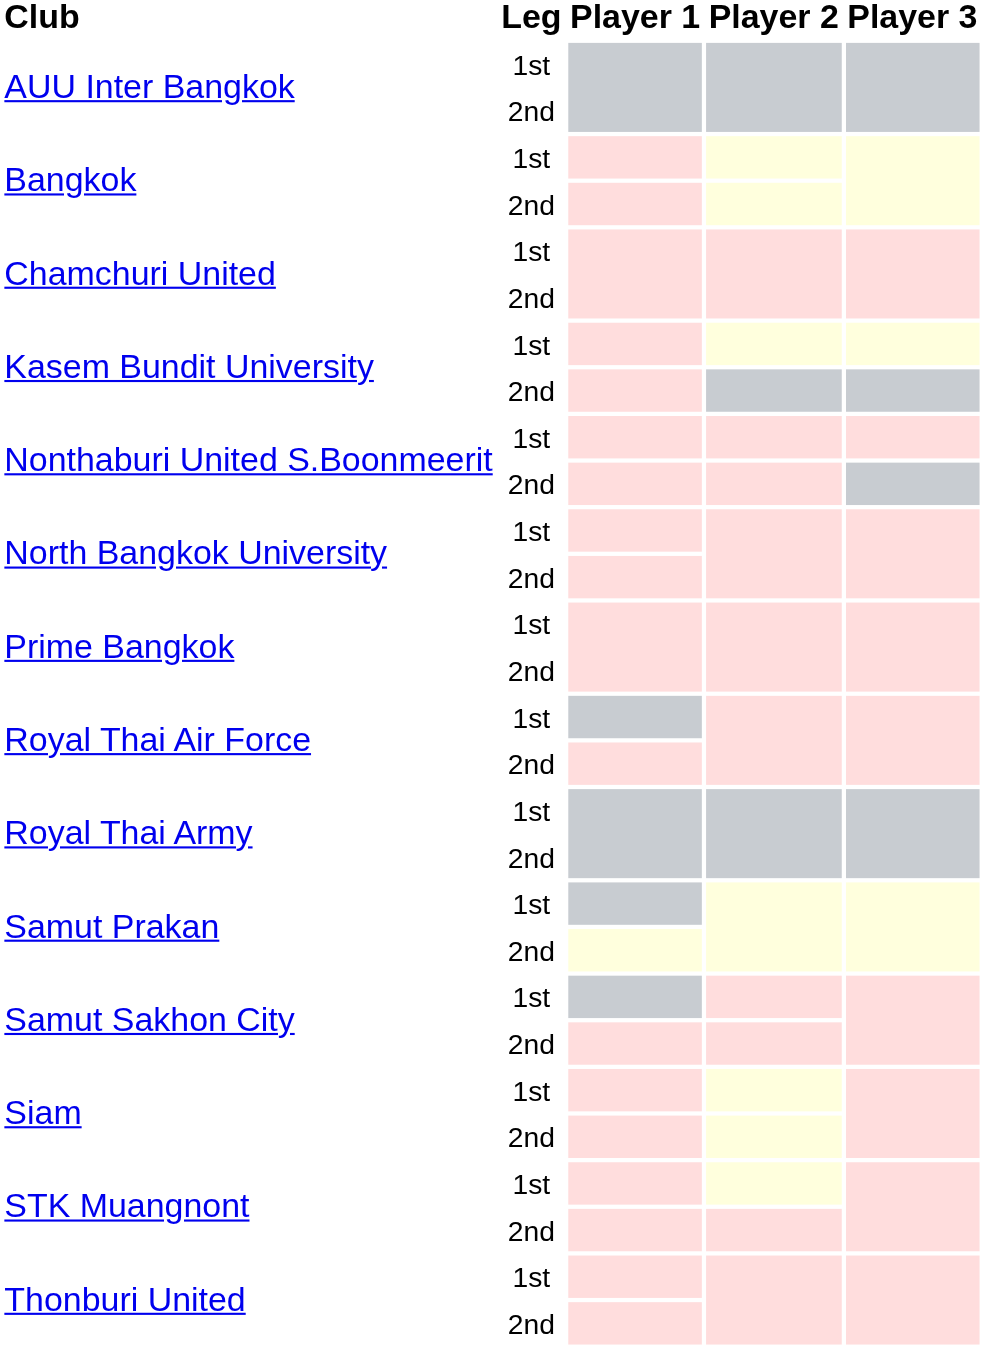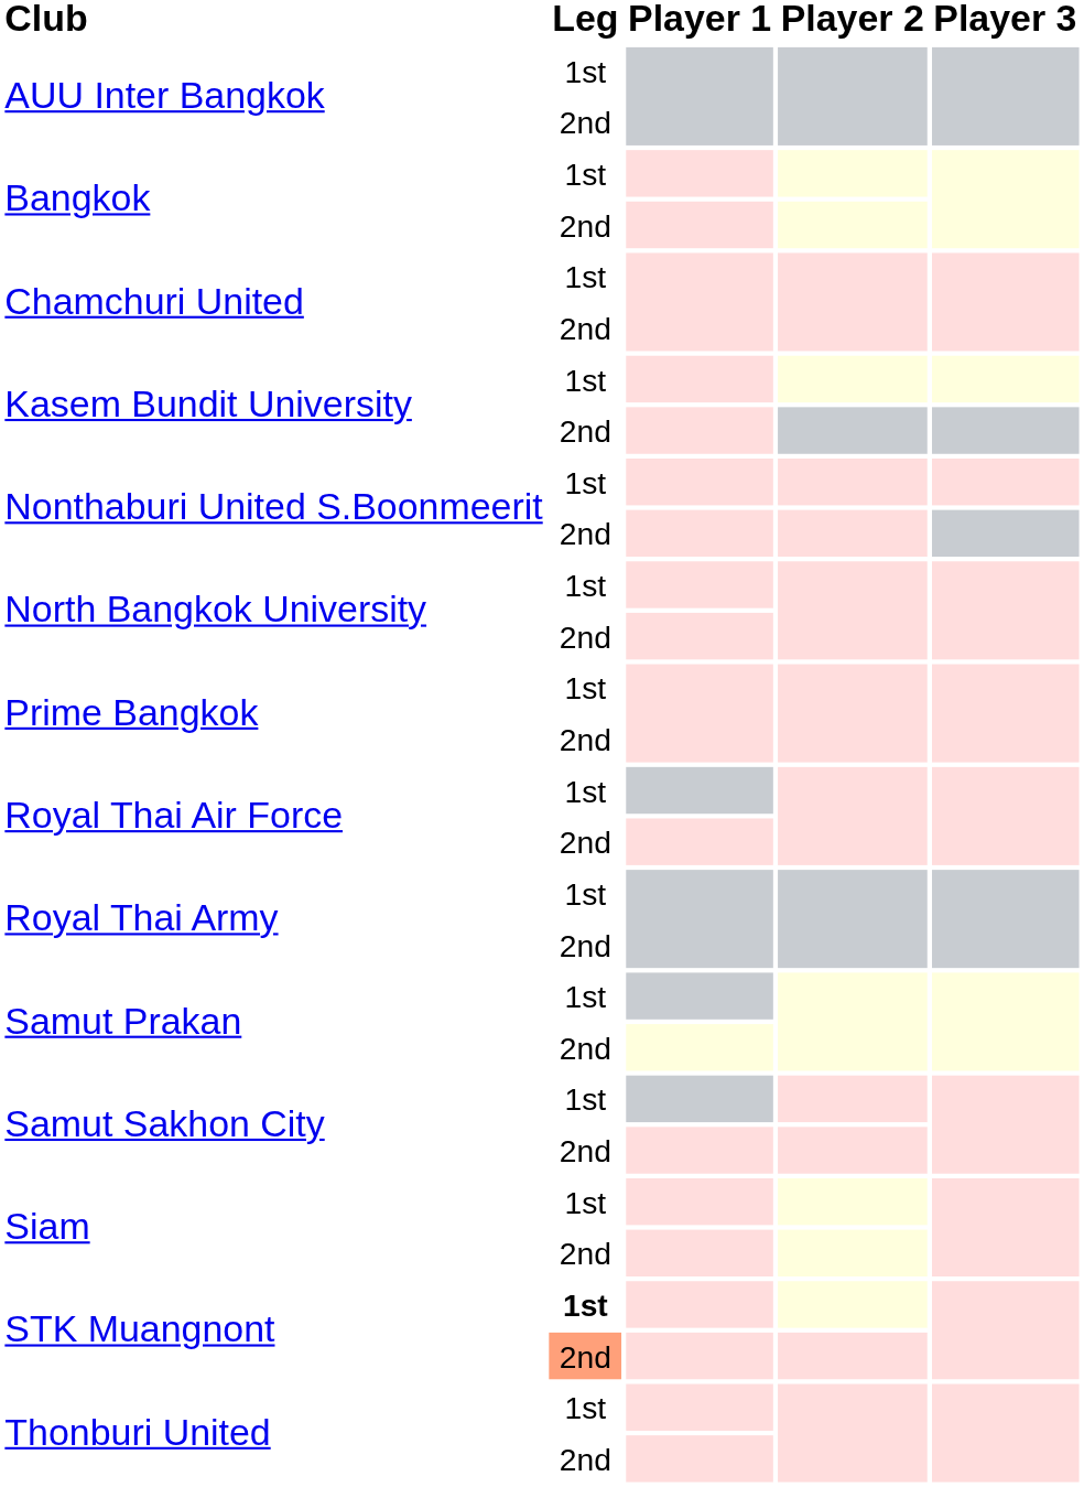 <table class="sortable" style="text-align:left">
 <tr>
 <th>Club</th>
 <th>Leg</th>
 <th>Player 1</th>
 <th>Player 2</th>
 <th>Player 3</th>
 </tr>
 <tr>
 <td rowspan="2"><a href='#'>AUU Inter Bangkok</a></td>
 <td align="center"><small>1st</small></td>
 <td bgcolor="#c8ccd1"rowspan="2"></td>
 <td bgcolor="#c8ccd1"rowspan="2"></td>
 <td bgcolor="#c8ccd1"rowspan="2"></td>
 </tr>
 <tr>
 <td align="center"><small>2nd</small></td>
 </tr>
 <tr>
 <td rowspan="2"><a href='#'>Bangkok</a></td>
 <td align="center"><small>1st</small></td>
 <td bgcolor="#ffdddd"></td>
 <td bgcolor="#ffffdd"></td>
 <td bgcolor="#ffffdd"rowspan="2"></td>
 </tr>
 <tr>
 <td align="center"><small>2nd</small></td>
 <td bgcolor="#ffdddd"></td>
 <td bgcolor="#ffffdd"></td>
 </tr>
 <tr>
 <td rowspan="2"><a href='#'>Chamchuri United</a></td>
 <td align="center"><small>1st</small></td>
 <td bgcolor="#ffdddd"rowspan="2"></td>
 <td bgcolor="#ffdddd"rowspan="2"></td>
 <td bgcolor="#ffdddd"rowspan="2"></td>
 </tr>
 <tr>
 <td align="center"><small>2nd</small></td>
 </tr>
 <tr>
 <td rowspan="2"><a href='#'>Kasem Bundit University</a></td>
 <td align="center"><small>1st</small></td>
 <td bgcolor="#ffdddd"></td>
 <td bgcolor="#ffffdd"></td>
 <td bgcolor="#ffffdd"></td>
 </tr>
 <tr>
 <td align="center"><small>2nd</small></td>
 <td bgcolor="#ffdddd"></td>
 <td bgcolor="#c8ccd1"></td>
 <td bgcolor="#c8ccd1"></td>
 </tr>
 <tr>
 <td rowspan="2"><a href='#'>Nonthaburi United S.Boonmeerit</a></td>
 <td align="center"><small>1st</small></td>
 <td bgcolor="#ffdddd"></td>
 <td bgcolor="#ffdddd"></td>
 <td bgcolor="#ffdddd"></td>
 </tr>
 <tr>
 <td align="center"><small>2nd</small></td>
 <td bgcolor="#ffdddd"></td>
 <td bgcolor="#ffdddd"></td>
 <td bgcolor="#c8ccd1"></td>
 </tr>
 <tr>
 <td rowspan="2"><a href='#'>North Bangkok University</a></td>
 <td align="center"><small>1st</small></td>
 <td bgcolor="#ffdddd"></td>
 <td bgcolor="#ffdddd"rowspan="2"></td>
 <td bgcolor="#ffdddd"rowspan="2"></td>
 </tr>
 <tr>
 <td align="center"><small>2nd</small></td>
 <td bgcolor="#ffdddd"></td>
 </tr>
 <tr>
 <td rowspan="2"><a href='#'>Prime Bangkok</a></td>
 <td align="center"><small>1st</small></td>
 <td bgcolor="#ffdddd"rowspan="2"></td>
 <td bgcolor="#ffdddd"rowspan="2"></td>
 <td bgcolor="#ffdddd"rowspan="2"></td>
 </tr>
 <tr>
 <td align="center"><small>2nd</small></td>
 </tr>
 <tr>
 <td rowspan="2"><a href='#'>Royal Thai Air Force</a></td>
 <td align="center"><small>1st</small></td>
 <td bgcolor="#c8ccd1"></td>
 <td bgcolor="#ffdddd"rowspan="2"></td>
 <td bgcolor="#ffdddd"rowspan="2"></td>
 </tr>
 <tr>
 <td align="center"><small>2nd</small></td>
 <td bgcolor="#ffdddd"></td>
 </tr>
 <tr>
 <td rowspan="2"><a href='#'>Royal Thai Army</a></td>
 <td align="center"><small>1st</small></td>
 <td bgcolor="#c8ccd1"rowspan="2"></td>
 <td bgcolor="#c8ccd1"rowspan="2"></td>
 <td bgcolor="#c8ccd1"rowspan="2"></td>
 </tr>
 <tr>
 <td align="center"><small>2nd</small></td>
 </tr>
 <tr>
 <td rowspan="2"><a href='#'>Samut Prakan</a></td>
 <td align="center"><small>1st</small></td>
 <td bgcolor="#c8ccd1"></td>
 <td bgcolor="#ffffdd"rowspan="2"></td>
 <td bgcolor="#ffffdd"rowspan="2"></td>
 </tr>
 <tr>
 <td align="center"><small>2nd</small></td>
 <td bgcolor="#ffffdd"></td>
 </tr>
 <tr>
 <td rowspan="2"><a href='#'>Samut Sakhon City</a></td>
 <td align="center"><small>1st</small></td>
 <td bgcolor="#c8ccd1"></td>
 <td bgcolor="#ffdddd"></td>
 <td bgcolor="#ffdddd"rowspan="2"></td>
 </tr>
 <tr>
 <td align="center"><small>2nd</small></td>
 <td bgcolor="#ffdddd"></td>
 <td bgcolor="#ffdddd"></td>
 </tr>
 <tr>
 <td rowspan="2"><a href='#'>Siam</a></td>
 <td align="center"><small>1st</small></td>
 <td bgcolor="#ffdddd"></td>
 <td bgcolor="#ffffdd"></td>
 <td bgcolor="#ffdddd"rowspan="2"></td>
 </tr>
 <tr>
 <td align="center"><small>2nd</small></td>
 <td bgcolor="#ffdddd"></td>
 <td bgcolor="#ffffdd"></td>
 </tr>
 <tr>
 <td rowspan="2"><a href='#'>STK Muangnont</a></td>
-<td align="center"><small>1st</small></td>
+<td align="center"><strong><small>1st</small></strong></td>
 <td bgcolor="#ffdddd"></td>
 <td bgcolor="#ffffdd"></td>
 <td bgcolor="#ffdddd"rowspan="2"></td>
 </tr>
 <tr>
-<td align="center"><small>2nd</small></td>
+<td align="center" style="background: lightsalmon;"><small>2nd</small></td>
 <td bgcolor="#ffdddd"></td>
 <td bgcolor="#ffdddd"></td>
 </tr>
 <tr>
 <td rowspan="2"><a href='#'>Thonburi United</a></td>
 <td align="center"><small>1st</small></td>
 <td bgcolor="#ffdddd"></td>
 <td bgcolor="#ffdddd"rowspan="2"></td>
 <td bgcolor="#ffdddd"rowspan="2"></td>
 </tr>
 <tr>
 <td align="center"><small>2nd</small></td>
 <td bgcolor="#ffdddd"></td>
 </tr>
 </table>
